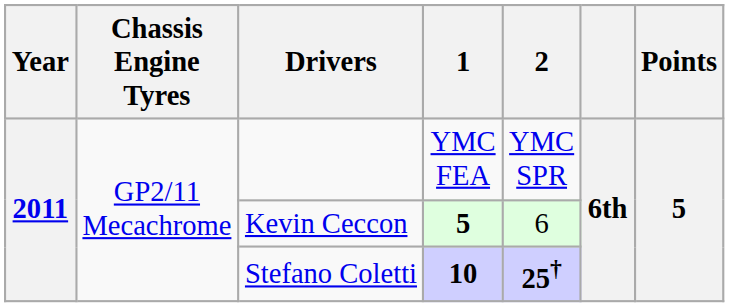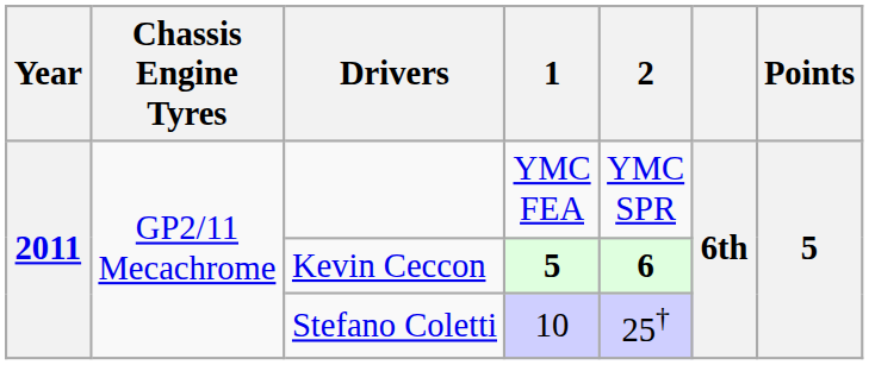 <table class="wikitable" style="text-align:center; font-size:85%;">
 <tr>
 <th>Year</th>
 <th>Chassis<br>Engine<br>Tyres</th>
 <th>Drivers</th>
 <th>1</th>
 <th>2</th>
 <th></th>
 <th>Points</th>
 </tr>
 <tr>
 <th rowspan=3><a href='#'>2011</a></th>
 <td rowspan=3><a href='#'>GP2/11</a><br><a href='#'>Mecachrome</a><br></td>
 <td></td>
 <td><a href='#'>YMC<br>FEA</a></td>
 <td><a href='#'>YMC<br>SPR</a></td>
 <th rowspan=3>6th</th>
 <th rowspan=3>5</th>
 </tr>
 <tr>
 <td align=left> <a href='#'>Kevin Ceccon</a></td>
 <td bgcolor="#DFFFDF"><strong>5</strong></td>
-<td bgcolor="#DFFFDF">6</td>
+<td bgcolor="#DFFFDF"><strong>6</strong></td>
 </tr>
 <tr>
 <td align=left> <a href='#'>Stefano Coletti</a></td>
-<td bgcolor="#CFCFFF"><strong>10</strong></td>
-<td bgcolor="#CFCFFF"><strong>25<sup>†</sup></strong></td>
+<td bgcolor="#CFCFFF">10</td>
+<td bgcolor="#CFCFFF">25<sup>†</sup></td>
 </tr>
 </table>
